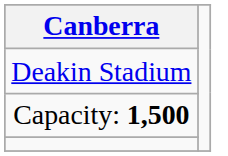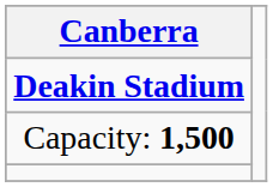 <table class="wikitable" style="text-align:center">
 <tr>
 <th><a href='#'>Canberra</a></th>
 <td rowspan=4></td>
 </tr>
 <tr>
-<td><a href='#'>Deakin Stadium</a></td>
+<td><strong><a href='#'>Deakin Stadium</a></strong></td>
 </tr>
 <tr>
 <td>Capacity: <strong>1,500</strong></td>
 </tr>
 <tr>
 <td></td>
 </tr>
 </table>
